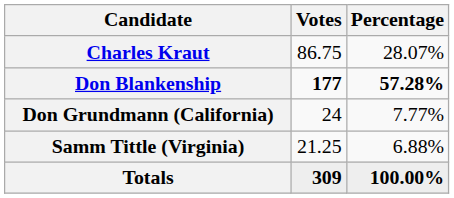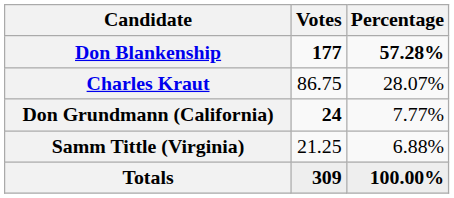 <table class="wikitable plainrowheaders" style="text-align:right;" border="1">
 <tr>
 <th scope="col" style="width:14em;">Candidate</th>
 <th scope="col">Votes</th>
 <th scope="col">Percentage</th>
 </tr>
 <tr>
+<th scope="row"><a href='#'>Don Blankenship</a></th>
+<td><strong>177</strong></td>
+<td><strong>57.28%</strong></td>
+</tr>
+<tr>
 <th scope="row"><a href='#'>Charles Kraut</a></th>
 <td>86.75</td>
 <td>28.07%</td>
 </tr>
 <tr>
-<th scope="row"><a href='#'>Don Blankenship</a></th>
-<td><strong>177</strong></td>
-<td><strong>57.28%</strong></td>
-</tr>
-<tr>
 <th scope="row">Don Grundmann (California)</th>
-<td>24</td>
+<td><strong>24</strong></td>
 <td>7.77%</td>
 </tr>
 <tr>
 <th scope="row">Samm Tittle (Virginia)</th>
 <td>21.25</td>
 <td>6.88%</td>
 </tr>
 <tr style="background:#eee;">
 <th scope="row"><strong>Totals</strong></th>
 <td><strong>309</strong></td>
 <td><strong>100.00%</strong></td>
 </tr>
 </table>
